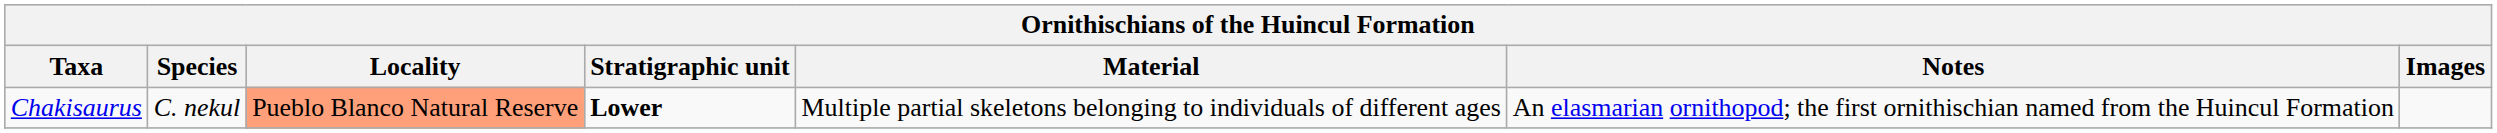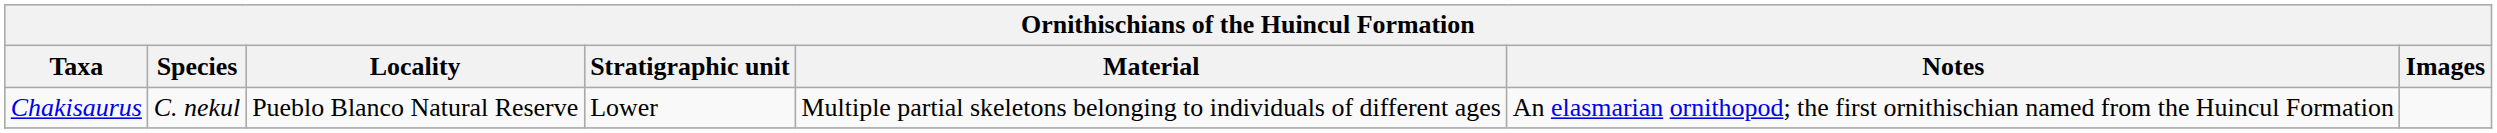 <table class="wikitable">
 <tr>
 <th colspan="7">Ornithischians of the Huincul Formation</th>
 </tr>
 <tr>
 <th>Taxa</th>
 <th>Species</th>
 <th>Locality</th>
 <th>Stratigraphic unit</th>
 <th>Material</th>
 <th>Notes</th>
 <th>Images</th>
 </tr>
 <tr>
 <td><em><a href='#'>Chakisaurus</a></em></td>
 <td><em>C. nekul</em></td>
-<td style="background: lightsalmon;">Pueblo Blanco Natural Reserve</td>
-<td><strong>Lower</strong></td>
+<td>Pueblo Blanco Natural Reserve</td>
+<td>Lower</td>
 <td>Multiple partial skeletons belonging to individuals of different ages</td>
 <td>An <a href='#'>elasmarian</a> <a href='#'>ornithopod</a>; the first ornithischian named from the Huincul Formation</td>
 <td></td>
 </tr>
 </table>
